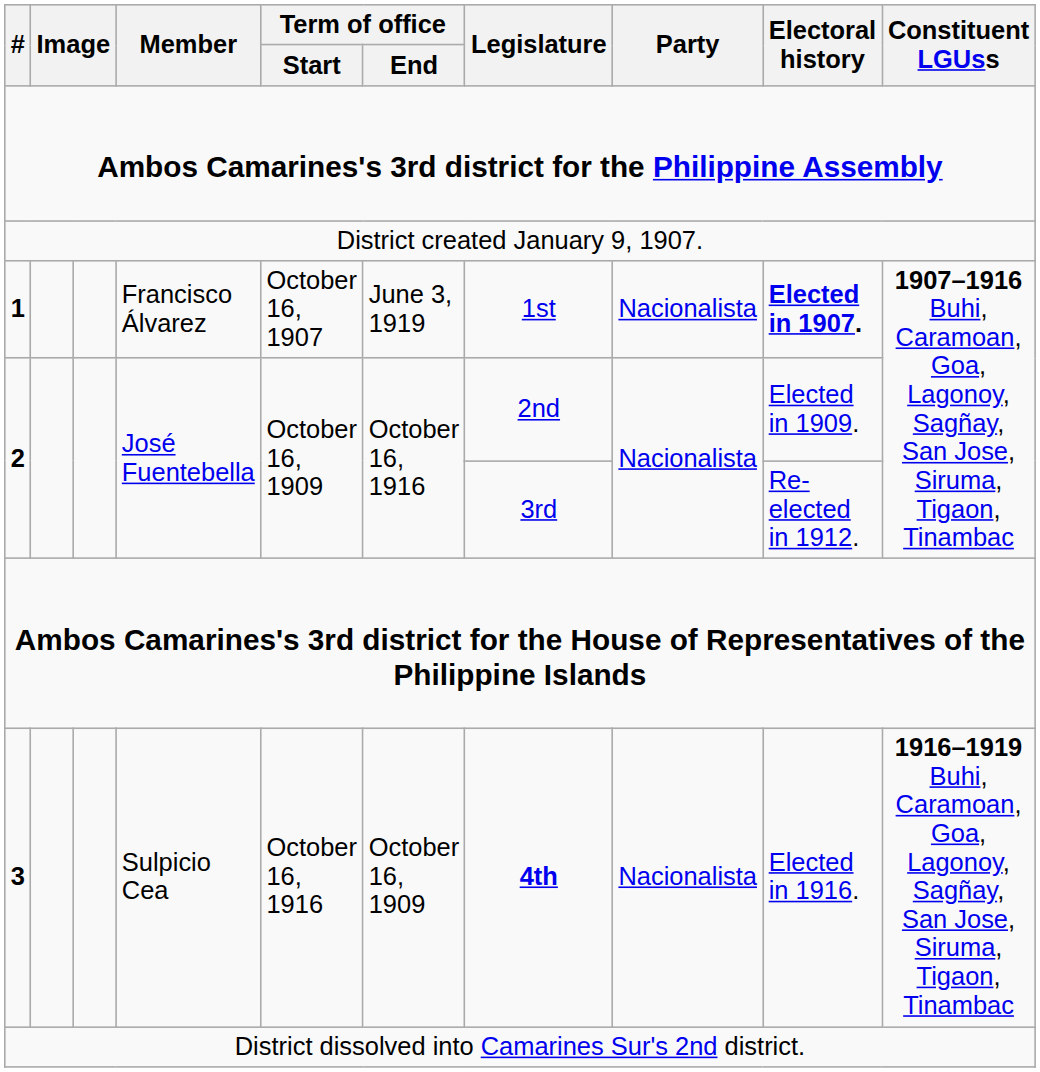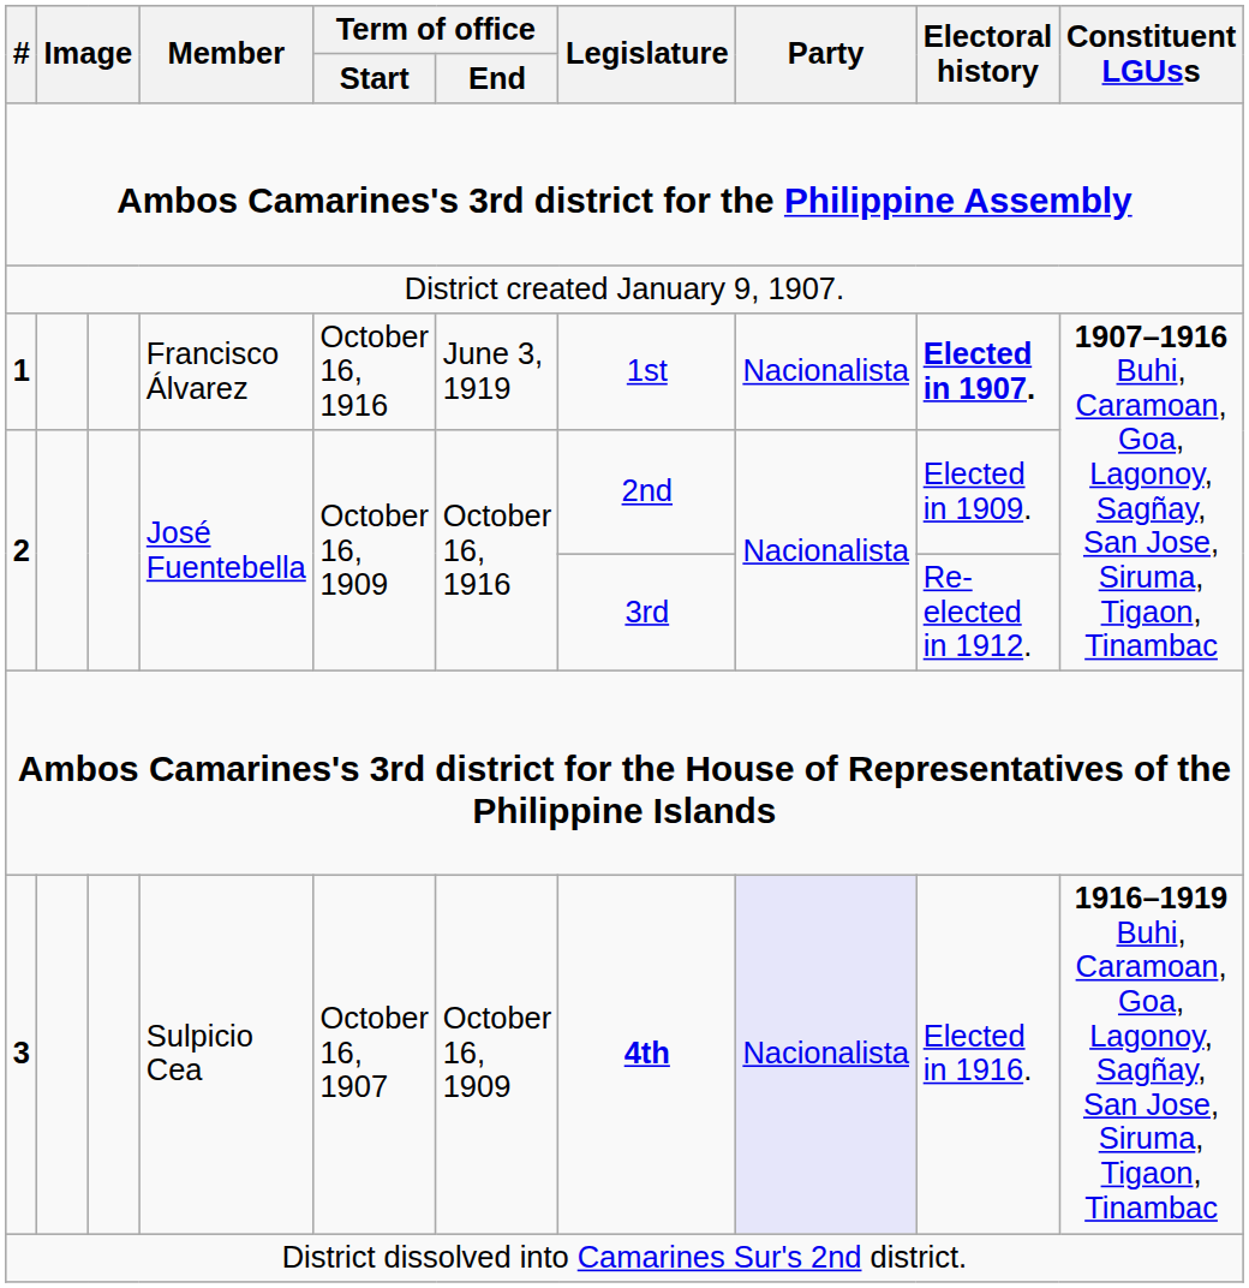 <table class=wikitable>
 <tr>
 <th rowspan="2">#</th>
 <th rowspan="2" colspan=2>Image</th>
 <th rowspan="2">Member</th>
 <th colspan=2>Term of office</th>
 <th rowspan="2">Legislature</th>
 <th rowspan="2">Party</th>
 <th rowspan="2">Electoral history</th>
 <th rowspan="2">Constituent<br><a href='#'>LGUs</a>s</th>
 </tr>
 <tr>
 <th>Start</th>
 <th>End</th>
 </tr>
 <tr>
 <td colspan="10" style="text-align:center;"><br><h3>Ambos Camarines's 3rd district for the <a href='#'>Philippine Assembly</a></h3></td>
 </tr>
 <tr>
 <td colspan="10" style="text-align:center;">District created January 9, 1907.</td>
 </tr>
 <tr>
 <td style="text-align:center;"><strong>1</strong></td>
 <td style="background:"></td>
 <td></td>
 <td>Francisco Álvarez</td>
-<td>October 16, 1907</td>
+<td>October 16, 1916</td>
 <td>June 3, 1919</td>
 <td style="text-align:center;"><a href='#'>1st</a></td>
 <td><a href='#'>Nacionalista</a></td>
 <td><strong><a href='#'>Elected in 1907</a>.</strong></td>
 <td rowspan="3" style="text-align:center;"><strong>1907–1916</strong><br><a href='#'>Buhi</a>, <a href='#'>Caramoan</a>, <a href='#'>Goa</a>, <a href='#'>Lagonoy</a>, <a href='#'>Sagñay</a>, <a href='#'>San Jose</a>, <a href='#'>Siruma</a>, <a href='#'>Tigaon</a>, <a href='#'>Tinambac</a></td>
 </tr>
 <tr>
 <td rowspan="2" style="text-align:center;"><strong>2</strong></td>
 <td rowspan="2" style="background:"></td>
 <td rowspan="2"></td>
 <td rowspan="2"><a href='#'>José Fuentebella</a></td>
 <td rowspan="2">October 16, 1909</td>
 <td rowspan="2">October 16, 1916</td>
 <td style="text-align:center;"><a href='#'>2nd</a></td>
 <td rowspan="2"><a href='#'>Nacionalista</a></td>
 <td><a href='#'>Elected in 1909</a>.</td>
 </tr>
 <tr>
 <td style="text-align:center;"><a href='#'>3rd</a></td>
 <td><a href='#'>Re-elected in 1912</a>.</td>
 </tr>
 <tr>
 <td colspan="10" style="text-align:center;"><br><h3>Ambos Camarines's 3rd district for the House of Representatives of the Philippine Islands</h3></td>
 </tr>
 <tr>
 <td style="text-align:center;"><strong>3</strong></td>
 <td style="background:"></td>
 <td></td>
 <td>Sulpicio Cea</td>
-<td>October 16, 1916</td>
+<td>October 16, 1907</td>
 <td>October 16, 1909</td>
 <td style="text-align:center;"><strong><a href='#'>4th</a></strong></td>
-<td><a href='#'>Nacionalista</a></td>
+<td style="background: lavender;"><a href='#'>Nacionalista</a></td>
 <td><a href='#'>Elected in 1916</a>.</td>
 <td style="text-align:center;"><strong>1916–1919</strong><br><a href='#'>Buhi</a>, <a href='#'>Caramoan</a>, <a href='#'>Goa</a>, <a href='#'>Lagonoy</a>, <a href='#'>Sagñay</a>, <a href='#'>San Jose</a>, <a href='#'>Siruma</a>, <a href='#'>Tigaon</a>, <a href='#'>Tinambac</a></td>
 </tr>
 <tr>
 <td colspan="10" style="text-align:center;">District dissolved into <a href='#'>Camarines Sur's 2nd</a> district.</td>
 </tr>
 </table>
